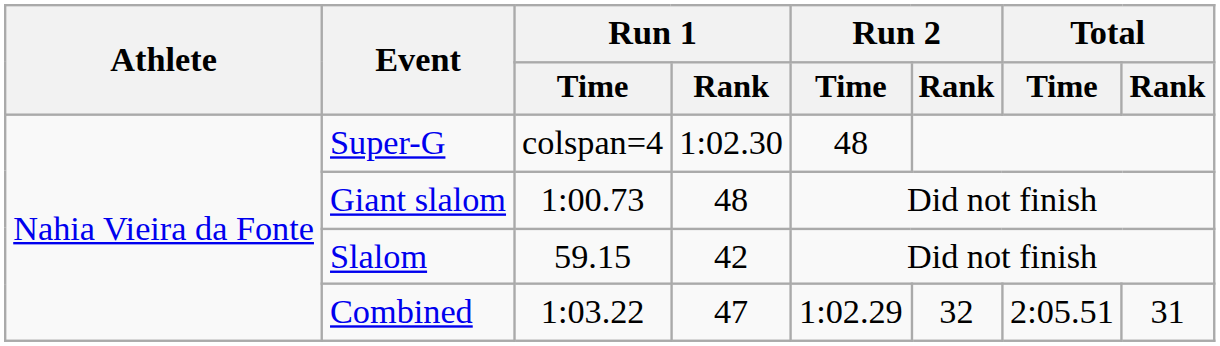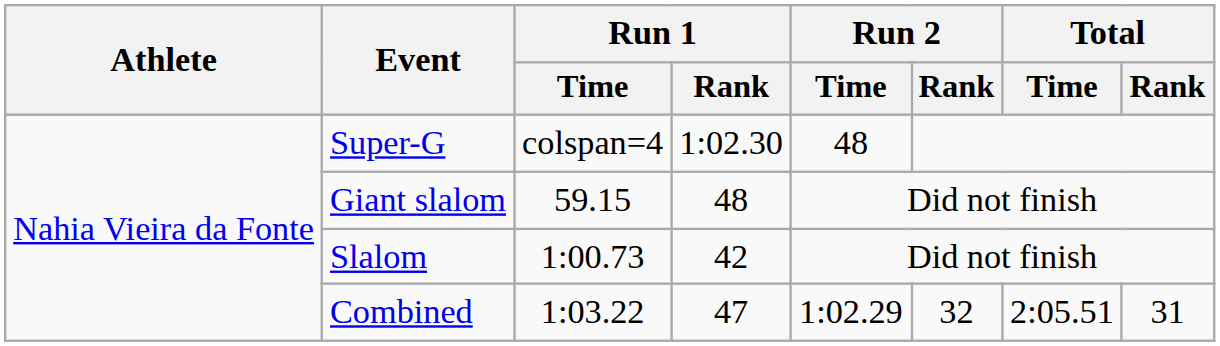 <table class="wikitable" style="font-size:90%">
 <tr>
 <th rowspan=2>Athlete</th>
 <th rowspan=2>Event</th>
 <th colspan=2>Run 1</th>
 <th colspan=2>Run 2</th>
 <th colspan=2>Total</th>
 </tr>
 <tr style="font-size:95%">
 <th>Time</th>
 <th>Rank</th>
 <th>Time</th>
 <th>Rank</th>
 <th>Time</th>
 <th>Rank</th>
 </tr>
 <tr align=center>
 <td align="left" rowspan="4"><a href='#'>Nahia Vieira da Fonte</a></td>
 <td align="left"><a href='#'>Super-G</a></td>
 <td>colspan=4</td>
 <td>1:02.30</td>
 <td>48</td>
 </tr>
 <tr align=center>
 <td align="left"><a href='#'>Giant slalom</a></td>
-<td>1:00.73</td>
+<td>59.15</td>
 <td>48</td>
 <td colspan=4>Did not finish</td>
 </tr>
 <tr align=center>
 <td align="left"><a href='#'>Slalom</a></td>
-<td>59.15</td>
+<td>1:00.73</td>
 <td>42</td>
 <td colspan=4>Did not finish</td>
 </tr>
 <tr align=center>
 <td align="left"><a href='#'>Combined</a></td>
 <td>1:03.22</td>
 <td>47</td>
 <td>1:02.29</td>
 <td>32</td>
 <td>2:05.51</td>
 <td>31</td>
 </tr>
 </table>
